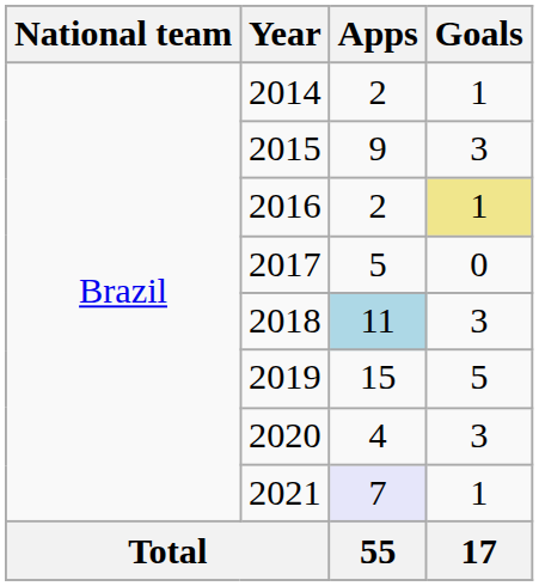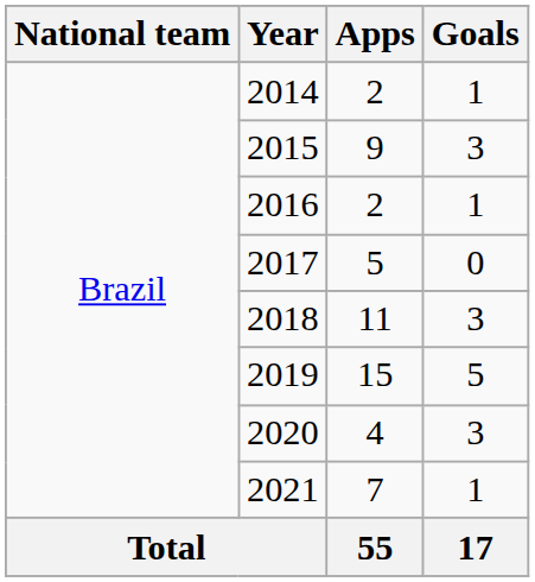 <table class="wikitable" style="text-align: center;">
 <tr>
 <th>National team</th>
 <th>Year</th>
 <th>Apps</th>
 <th>Goals</th>
 </tr>
 <tr>
 <td rowspan="8"><a href='#'>Brazil</a></td>
 <td>2014</td>
 <td>2</td>
 <td>1</td>
 </tr>
 <tr>
 <td>2015</td>
 <td>9</td>
 <td>3</td>
 </tr>
 <tr>
 <td>2016</td>
 <td>2</td>
-<td style="background: khaki;">1</td>
+<td>1</td>
 </tr>
 <tr>
 <td>2017</td>
 <td>5</td>
 <td>0</td>
 </tr>
 <tr>
 <td>2018</td>
-<td style="background: lightblue;">11</td>
+<td>11</td>
 <td>3</td>
 </tr>
 <tr>
 <td>2019</td>
 <td>15</td>
 <td>5</td>
 </tr>
 <tr>
 <td>2020</td>
 <td>4</td>
 <td>3</td>
 </tr>
 <tr>
 <td>2021</td>
-<td style="background: lavender;">7</td>
+<td>7</td>
 <td>1</td>
 </tr>
 <tr>
 <th colspan="2">Total</th>
 <th>55</th>
 <th>17</th>
 </tr>
 </table>
